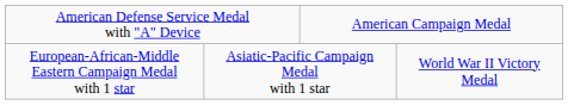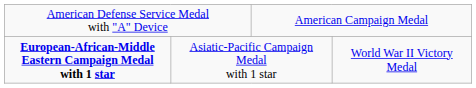 <table class="wikitable" style="margin:1em auto; text-align:center;">
 <tr>
 <td colspan=2><a href='#'>American Defense Service Medal</a><br>with <a href='#'>"A" Device</a></td>
 <td colspan=2><a href='#'>American Campaign Medal</a></td>
 </tr>
 <tr>
-<td><a href='#'>European-African-Middle<br>Eastern Campaign Medal</a><br>with 1 <a href='#'>star</a></td>
+<td><strong><a href='#'>European-African-Middle<br>Eastern Campaign Medal</a><br>with 1 <a href='#'>star</a></strong></td>
 <td colspan=2><a href='#'>Asiatic-Pacific Campaign Medal</a><br>with 1 star</td>
 <td><a href='#'>World War II Victory Medal</a></td>
 </tr>
 </table>
